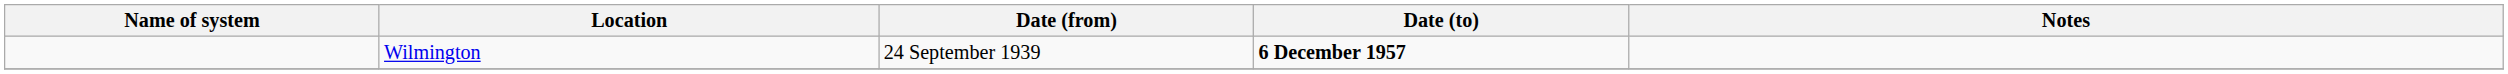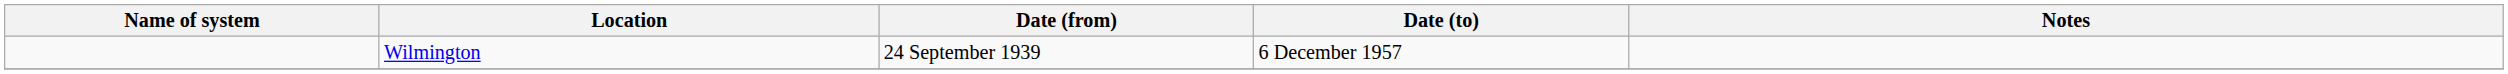 <table class="wikitable" width=100%>
 <tr>
 <th width=15%>Name of system</th>
 <th width=20%>Location</th>
 <th width=15%>Date (from)</th>
 <th width=15%>Date (to)</th>
 <th width=35%>Notes</th>
 </tr>
 <tr>
 <td> </td>
 <td><a href='#'>Wilmington</a></td>
 <td>24 September 1939</td>
-<td><strong>6 December 1957</strong></td>
+<td>6 December 1957</td>
 <td> </td>
 </tr>
 <tr>
 </tr>
 </table>
